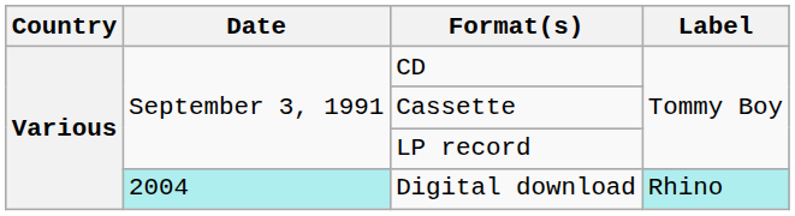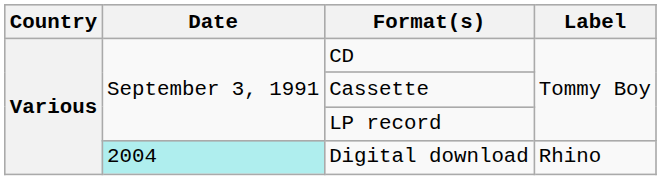 <table class="wikitable plainrowheaders unsortable">
 <tr>
 <th scope="col">Country</th>
 <th scope="col">Date</th>
 <th scope="col">Format(s)</th>
 <th scope="col">Label</th>
 </tr>
 <tr>
 <th scope="row" rowspan="4">Various</th>
 <td rowspan="3">September 3, 1991</td>
 <td>CD</td>
 <td rowspan="3">Tommy Boy</td>
 </tr>
 <tr>
 <td>Cassette</td>
 </tr>
 <tr>
 <td>LP record</td>
 </tr>
 <tr>
 <td style="background: paleturquoise;">2004</td>
 <td>Digital download</td>
-<td style="background: paleturquoise;">Rhino</td>
+<td>Rhino</td>
 </tr>
 </table>
